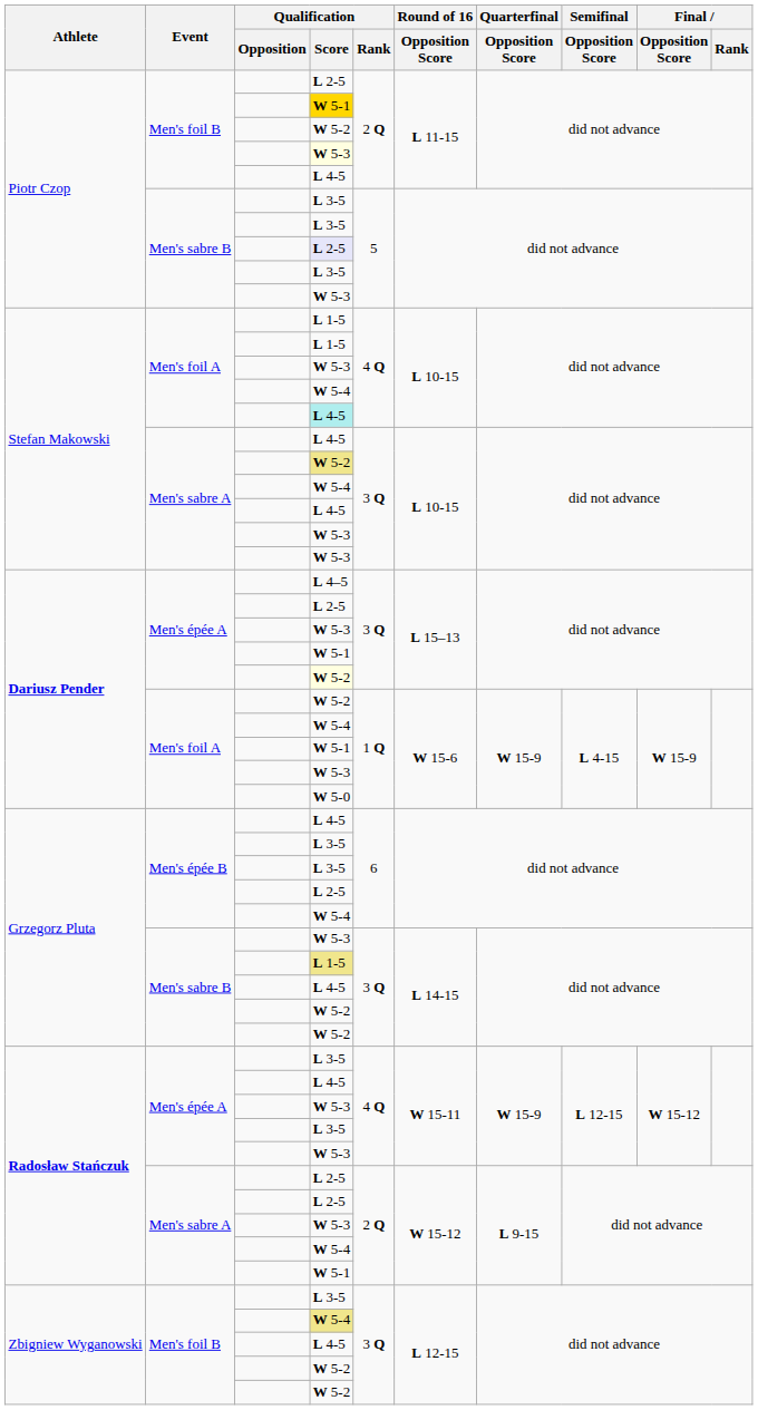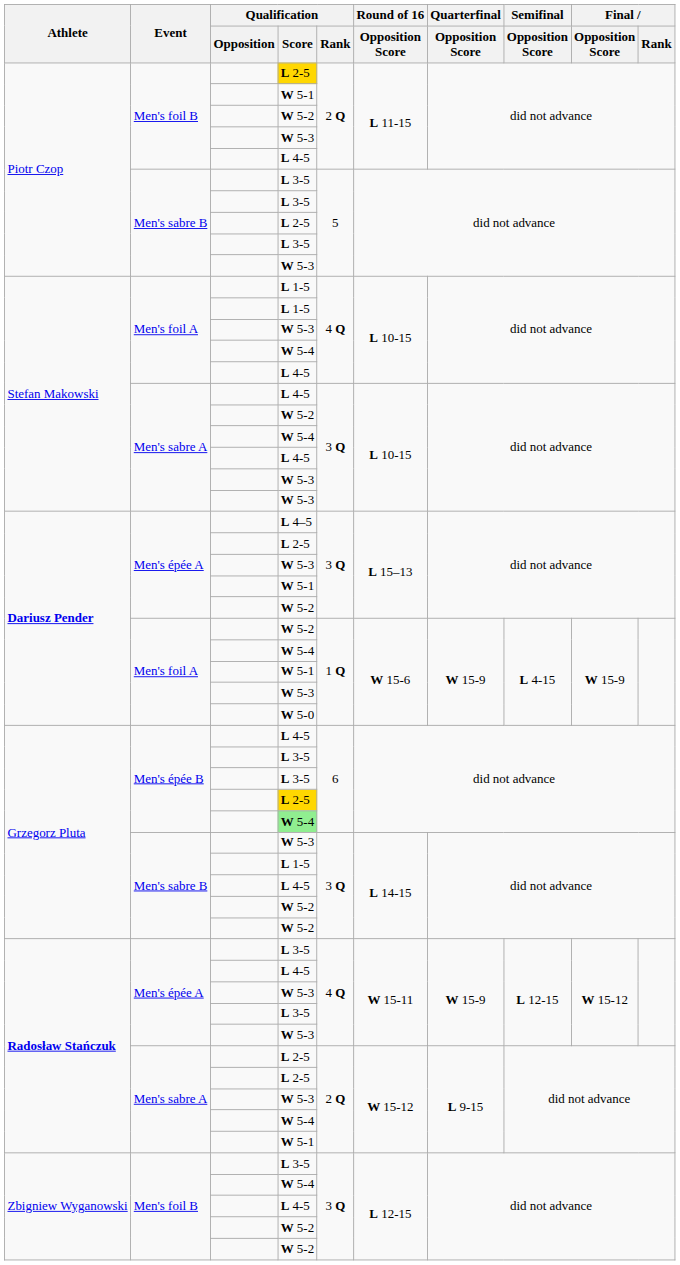 <table class=wikitable style="font-size:90%">
 <tr>
 <th rowspan="2">Athlete</th>
 <th rowspan="2">Event</th>
 <th colspan="3">Qualification</th>
 <th>Round of 16</th>
 <th>Quarterfinal</th>
 <th>Semifinal</th>
 <th colspan="2">Final / </th>
 </tr>
 <tr>
 <th>Opposition</th>
 <th>Score</th>
 <th>Rank</th>
 <th>Opposition<br>Score</th>
 <th>Opposition<br>Score</th>
 <th>Opposition<br>Score</th>
 <th>Opposition<br>Score</th>
 <th>Rank</th>
 </tr>
 <tr>
 <td rowspan=10><a href='#'>Piotr Czop</a></td>
 <td rowspan=5><a href='#'>Men's foil B</a></td>
 <td></td>
-<td><strong>L</strong> 2-5</td>
+<td style="background: gold;"><strong>L</strong> 2-5</td>
 <td align="center" rowspan=5>2 <strong>Q</strong></td>
 <td align="center" rowspan=5><br><strong>L</strong> 11-15</td>
 <td align="center" rowspan=5 colspan=4>did not advance</td>
 </tr>
 <tr>
 <td></td>
-<td style="background: gold;"><strong>W</strong> 5-1</td>
+<td><strong>W</strong> 5-1</td>
 </tr>
 <tr>
 <td></td>
 <td><strong>W</strong> 5-2</td>
 </tr>
 <tr>
 <td></td>
-<td style="background: lightyellow;"><strong>W</strong> 5-3</td>
+<td><strong>W</strong> 5-3</td>
 </tr>
 <tr>
 <td></td>
 <td><strong>L</strong> 4-5</td>
 </tr>
 <tr>
 <td rowspan=5><a href='#'>Men's sabre B</a></td>
 <td></td>
 <td><strong>L</strong> 3-5</td>
 <td align="center" rowspan=5>5</td>
 <td align="center" rowspan=5 colspan=5>did not advance</td>
 </tr>
 <tr>
 <td></td>
 <td><strong>L</strong> 3-5</td>
 </tr>
 <tr>
 <td></td>
-<td style="background: lavender;"><strong>L</strong> 2-5</td>
+<td><strong>L</strong> 2-5</td>
 </tr>
 <tr>
 <td></td>
 <td><strong>L</strong> 3-5</td>
 </tr>
 <tr>
 <td></td>
 <td><strong>W</strong> 5-3</td>
 </tr>
 <tr>
 <td rowspan=11><a href='#'>Stefan Makowski</a></td>
 <td rowspan=5><a href='#'>Men's foil A</a></td>
 <td></td>
 <td><strong>L</strong> 1-5</td>
 <td align="center" rowspan=5>4 <strong>Q</strong></td>
 <td align="center" rowspan=5><br><strong>L</strong> 10-15</td>
 <td align="center" rowspan=5 colspan=4>did not advance</td>
 </tr>
 <tr>
 <td></td>
 <td><strong>L</strong> 1-5</td>
 </tr>
 <tr>
 <td></td>
 <td><strong>W</strong> 5-3</td>
 </tr>
 <tr>
 <td></td>
 <td><strong>W</strong> 5-4</td>
 </tr>
 <tr>
 <td></td>
-<td style="background: paleturquoise;"><strong>L</strong> 4-5</td>
+<td><strong>L</strong> 4-5</td>
 </tr>
 <tr>
 <td rowspan=6><a href='#'>Men's sabre A</a></td>
 <td></td>
 <td><strong>L</strong> 4-5</td>
 <td align="center" rowspan=6>3 <strong>Q</strong></td>
 <td align="center" rowspan=6><br><strong>L</strong> 10-15</td>
 <td align="center" rowspan=6 colspan=4>did not advance</td>
 </tr>
 <tr>
 <td></td>
-<td style="background: khaki;"><strong>W</strong> 5-2</td>
+<td><strong>W</strong> 5-2</td>
 </tr>
 <tr>
 <td></td>
 <td><strong>W</strong> 5-4</td>
 </tr>
 <tr>
 <td></td>
 <td><strong>L</strong> 4-5</td>
 </tr>
 <tr>
 <td></td>
 <td><strong>W</strong> 5-3</td>
 </tr>
 <tr>
 <td></td>
 <td><strong>W</strong> 5-3</td>
 </tr>
 <tr>
 <td rowspan=10><strong><a href='#'>Dariusz Pender</a></strong></td>
 <td rowspan=5><a href='#'>Men's épée A</a></td>
 <td></td>
 <td><strong>L</strong> 4–5</td>
 <td align="center" rowspan=5>3 <strong>Q</strong></td>
 <td align="center" rowspan=5><br><strong>L</strong> 15–13</td>
 <td align="center" rowspan=5 colspan=4>did not advance</td>
 </tr>
 <tr>
 <td></td>
 <td><strong>L</strong> 2-5</td>
 </tr>
 <tr>
 <td></td>
 <td><strong>W</strong> 5-3</td>
 </tr>
 <tr>
 <td></td>
 <td><strong>W</strong> 5-1</td>
 </tr>
 <tr>
 <td></td>
-<td style="background: lightyellow;"><strong>W</strong> 5-2</td>
+<td><strong>W</strong> 5-2</td>
 </tr>
 <tr>
 <td rowspan=5><a href='#'>Men's foil A</a></td>
 <td></td>
 <td><strong>W</strong> 5-2</td>
 <td align="center" rowspan=5>1 <strong>Q</strong></td>
 <td align="center" rowspan=5><br><strong>W</strong> 15-6</td>
 <td align="center" rowspan=5><br><strong>W</strong> 15-9</td>
 <td align="center" rowspan=5><br><strong>L</strong> 4-15</td>
 <td align="center" rowspan=5><br><strong>W</strong> 15-9</td>
 <td align="center" rowspan=5></td>
 </tr>
 <tr>
 <td></td>
 <td><strong>W</strong> 5-4</td>
 </tr>
 <tr>
 <td></td>
 <td><strong>W</strong> 5-1</td>
 </tr>
 <tr>
 <td></td>
 <td><strong>W</strong> 5-3</td>
 </tr>
 <tr>
 <td></td>
 <td><strong>W</strong> 5-0</td>
 </tr>
 <tr>
 <td rowspan=10><a href='#'>Grzegorz Pluta</a></td>
 <td rowspan=5><a href='#'>Men's épée B</a></td>
 <td></td>
 <td><strong>L</strong> 4-5</td>
 <td align="center" rowspan=5>6</td>
 <td align="center" rowspan=5 colspan=5>did not advance</td>
 </tr>
 <tr>
 <td></td>
 <td><strong>L</strong> 3-5</td>
 </tr>
 <tr>
 <td></td>
 <td><strong>L</strong> 3-5</td>
 </tr>
 <tr>
 <td></td>
-<td><strong>L</strong> 2-5</td>
+<td style="background: gold;"><strong>L</strong> 2-5</td>
 </tr>
 <tr>
 <td></td>
-<td><strong>W</strong> 5-4</td>
+<td style="background: lightgreen;"><strong>W</strong> 5-4</td>
 </tr>
 <tr>
 <td rowspan=5><a href='#'>Men's sabre B</a></td>
 <td></td>
 <td><strong>W</strong> 5-3</td>
 <td align="center" rowspan=5>3 <strong>Q</strong></td>
 <td align="center" rowspan=5><br><strong>L</strong> 14-15</td>
 <td align="center" rowspan=5 colspan=4>did not advance</td>
 </tr>
 <tr>
 <td></td>
-<td style="background: khaki;"><strong>L</strong> 1-5</td>
+<td><strong>L</strong> 1-5</td>
 </tr>
 <tr>
 <td></td>
 <td><strong>L</strong> 4-5</td>
 </tr>
 <tr>
 <td></td>
 <td><strong>W</strong> 5-2</td>
 </tr>
 <tr>
 <td></td>
 <td><strong>W</strong> 5-2</td>
 </tr>
 <tr>
 <td rowspan=10><strong><a href='#'>Radosław Stańczuk</a></strong></td>
 <td rowspan=5><a href='#'>Men's épée A</a></td>
 <td></td>
 <td><strong>L</strong> 3-5</td>
 <td align="center" rowspan=5>4 <strong>Q</strong></td>
 <td align="center" rowspan=5><br><strong>W</strong> 15-11</td>
 <td align="center" rowspan=5><br><strong>W</strong> 15-9</td>
 <td align="center" rowspan=5><br><strong>L</strong> 12-15</td>
 <td align="center" rowspan=5><br><strong>W</strong> 15-12</td>
 <td align="center" rowspan=5></td>
 </tr>
 <tr>
 <td></td>
 <td><strong>L</strong> 4-5</td>
 </tr>
 <tr>
 <td></td>
 <td><strong>W</strong> 5-3</td>
 </tr>
 <tr>
 <td></td>
 <td><strong>L</strong> 3-5</td>
 </tr>
 <tr>
 <td></td>
 <td><strong>W</strong> 5-3</td>
 </tr>
 <tr>
 <td rowspan=5><a href='#'>Men's sabre A</a></td>
 <td></td>
 <td><strong>L</strong> 2-5</td>
 <td align="center" rowspan=5>2 <strong>Q</strong></td>
 <td align="center" rowspan=5><br><strong>W</strong> 15-12</td>
 <td align="center" rowspan=5><br><strong>L</strong> 9-15</td>
 <td align="center" rowspan=5 colspan=3>did not advance</td>
 </tr>
 <tr>
 <td></td>
 <td><strong>L</strong> 2-5</td>
 </tr>
 <tr>
 <td></td>
 <td><strong>W</strong> 5-3</td>
 </tr>
 <tr>
 <td></td>
 <td><strong>W</strong> 5-4</td>
 </tr>
 <tr>
 <td></td>
 <td><strong>W</strong> 5-1</td>
 </tr>
 <tr>
 <td rowspan=5><a href='#'>Zbigniew Wyganowski</a></td>
 <td rowspan=5><a href='#'>Men's foil B</a></td>
 <td></td>
 <td><strong>L</strong> 3-5</td>
 <td align="center" rowspan=5>3 <strong>Q</strong></td>
 <td align="center" rowspan=5><br><strong>L</strong> 12-15</td>
 <td align="center" rowspan=5 colspan=4>did not advance</td>
 </tr>
 <tr>
 <td></td>
-<td style="background: khaki;"><strong>W</strong> 5-4</td>
+<td><strong>W</strong> 5-4</td>
 </tr>
 <tr>
 <td></td>
 <td><strong>L</strong> 4-5</td>
 </tr>
 <tr>
 <td></td>
 <td><strong>W</strong> 5-2</td>
 </tr>
 <tr>
 <td></td>
 <td><strong>W</strong> 5-2</td>
 </tr>
 </table>
